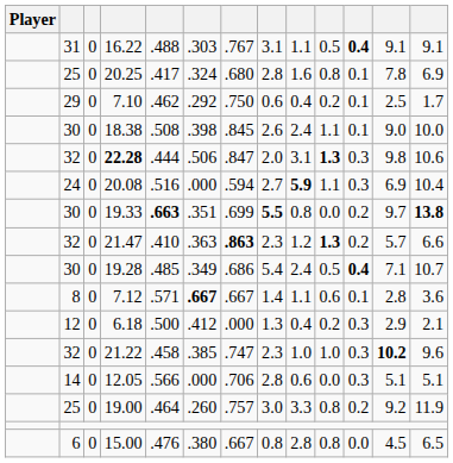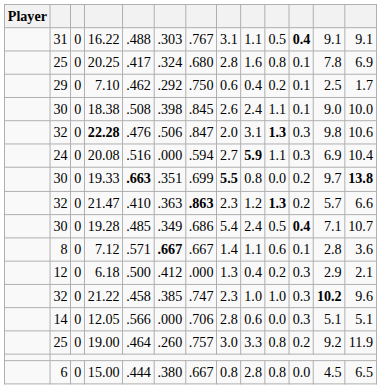 <table class="wikitable sortable" style="font-size:95%; text-align:right;">
 <tr>
 <th>Player</th>
 <th></th>
 <th></th>
 <th></th>
 <th></th>
 <th></th>
 <th></th>
 <th></th>
 <th></th>
 <th></th>
 <th></th>
 <th></th>
 <th></th>
 </tr>
 <tr>
 <td><strong></strong></td>
 <td>31</td>
 <td>0</td>
 <td>16.22</td>
 <td>.488</td>
 <td>.303</td>
 <td>.767</td>
 <td>3.1</td>
 <td>1.1</td>
 <td>0.5</td>
 <td><strong>0.4</strong></td>
 <td>9.1</td>
 <td>9.1</td>
 </tr>
 <tr>
 <td><strong></strong></td>
 <td>25</td>
 <td>0</td>
 <td>20.25</td>
 <td>.417</td>
 <td>.324</td>
 <td>.680</td>
 <td>2.8</td>
 <td>1.6</td>
 <td>0.8</td>
 <td>0.1</td>
 <td>7.8</td>
 <td>6.9</td>
 </tr>
 <tr>
 <td><strong></strong></td>
 <td>29</td>
 <td>0</td>
 <td>7.10</td>
 <td>.462</td>
 <td>.292</td>
 <td>.750</td>
 <td>0.6</td>
 <td>0.4</td>
 <td>0.2</td>
 <td>0.1</td>
 <td>2.5</td>
 <td>1.7</td>
 </tr>
 <tr>
 <td><strong></strong></td>
 <td>30</td>
 <td>0</td>
 <td>18.38</td>
 <td>.508</td>
 <td>.398</td>
 <td>.845</td>
 <td>2.6</td>
 <td>2.4</td>
 <td>1.1</td>
 <td>0.1</td>
 <td>9.0</td>
 <td>10.0</td>
 </tr>
 <tr>
 <td><strong></strong></td>
 <td>32</td>
 <td>0</td>
 <td><strong>22.28</strong></td>
-<td>.444</td>
+<td>.476</td>
 <td>.506</td>
 <td>.847</td>
 <td>2.0</td>
 <td>3.1</td>
 <td><strong>1.3</strong></td>
 <td>0.3</td>
 <td>9.8</td>
 <td>10.6</td>
 </tr>
 <tr>
 <td><strong></strong></td>
 <td>24</td>
 <td>0</td>
 <td>20.08</td>
 <td>.516</td>
 <td>.000</td>
 <td>.594</td>
 <td>2.7</td>
 <td><strong>5.9</strong></td>
 <td>1.1</td>
 <td>0.3</td>
 <td>6.9</td>
 <td>10.4</td>
 </tr>
 <tr>
 <td><strong></strong></td>
 <td>30</td>
 <td>0</td>
 <td>19.33</td>
 <td><strong>.663</strong></td>
 <td>.351</td>
 <td>.699</td>
 <td><strong>5.5</strong></td>
 <td>0.8</td>
 <td>0.0</td>
 <td>0.2</td>
 <td>9.7</td>
 <td><strong>13.8</strong></td>
 </tr>
 <tr>
 <td><strong></strong></td>
 <td>32</td>
 <td>0</td>
 <td>21.47</td>
 <td>.410</td>
 <td>.363</td>
 <td><strong>.863</strong></td>
 <td>2.3</td>
 <td>1.2</td>
 <td><strong>1.3</strong></td>
 <td>0.2</td>
 <td>5.7</td>
 <td>6.6</td>
 </tr>
 <tr>
 <td><strong></strong></td>
 <td>30</td>
 <td>0</td>
 <td>19.28</td>
 <td>.485</td>
 <td>.349</td>
 <td>.686</td>
 <td>5.4</td>
 <td>2.4</td>
 <td>0.5</td>
 <td><strong>0.4</strong></td>
 <td>7.1</td>
 <td>10.7</td>
 </tr>
 <tr>
 <td><strong></strong></td>
 <td>8</td>
 <td>0</td>
 <td>7.12</td>
 <td>.571</td>
 <td><strong>.667</strong></td>
 <td>.667</td>
 <td>1.4</td>
 <td>1.1</td>
 <td>0.6</td>
 <td>0.1</td>
 <td>2.8</td>
 <td>3.6</td>
 </tr>
 <tr>
 <td><strong></strong></td>
 <td>12</td>
 <td>0</td>
 <td>6.18</td>
 <td>.500</td>
 <td>.412</td>
 <td>.000</td>
 <td>1.3</td>
 <td>0.4</td>
 <td>0.2</td>
 <td>0.3</td>
 <td>2.9</td>
 <td>2.1</td>
 </tr>
 <tr>
 <td><strong></strong></td>
 <td>32</td>
 <td>0</td>
 <td>21.22</td>
 <td>.458</td>
 <td>.385</td>
 <td>.747</td>
 <td>2.3</td>
 <td>1.0</td>
 <td>1.0</td>
 <td>0.3</td>
 <td><strong>10.2</strong></td>
 <td>9.6</td>
 </tr>
 <tr>
 <td><strong></strong></td>
 <td>14</td>
 <td>0</td>
 <td>12.05</td>
 <td>.566</td>
 <td>.000</td>
 <td>.706</td>
 <td>2.8</td>
 <td>0.6</td>
 <td>0.0</td>
 <td>0.3</td>
 <td>5.1</td>
 <td>5.1</td>
 </tr>
 <tr>
 <td><strong></strong></td>
 <td>25</td>
 <td>0</td>
 <td>19.00</td>
 <td>.464</td>
 <td>.260</td>
 <td>.757</td>
 <td>3.0</td>
 <td>3.3</td>
 <td>0.8</td>
 <td>0.2</td>
 <td>9.2</td>
 <td>11.9</td>
 </tr>
 <tr>
 <td></td>
 </tr>
 <tr>
 <td><em></em></td>
 <td>6</td>
 <td>0</td>
 <td>15.00</td>
-<td>.476</td>
+<td>.444</td>
 <td>.380</td>
 <td>.667</td>
 <td>0.8</td>
 <td>2.8</td>
 <td>0.8</td>
 <td>0.0</td>
 <td>4.5</td>
 <td>6.5</td>
 </tr>
 </table>
